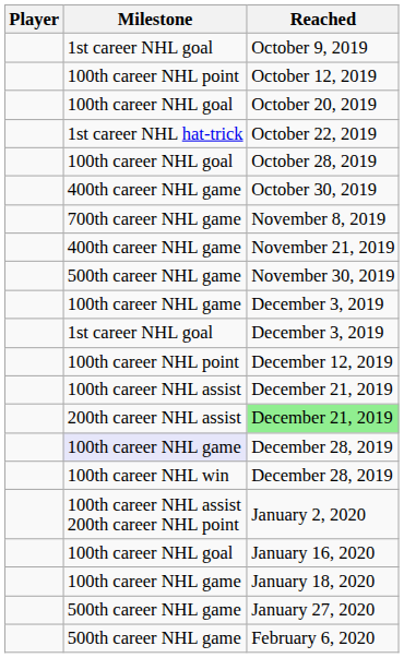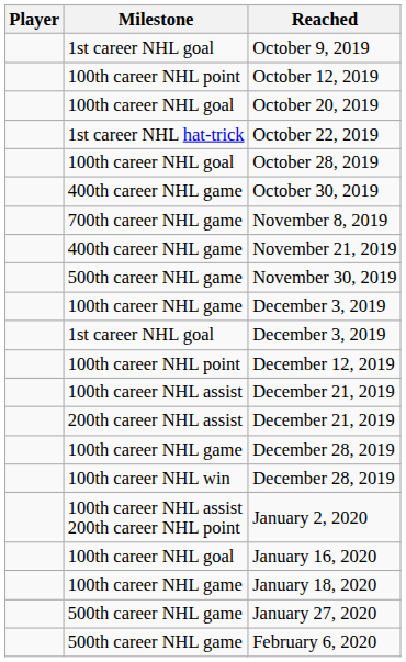 <table class="wikitable sortable">
 <tr>
 <th>Player</th>
 <th>Milestone</th>
 <th data-sort-type="date">Reached</th>
 </tr>
 <tr>
 <td></td>
 <td>1st career NHL goal</td>
 <td>October 9, 2019</td>
 </tr>
 <tr>
 <td></td>
 <td>100th career NHL point</td>
 <td>October 12, 2019</td>
 </tr>
 <tr>
 <td></td>
 <td>100th career NHL goal</td>
 <td>October 20, 2019</td>
 </tr>
 <tr>
 <td></td>
 <td>1st career NHL <a href='#'>hat-trick</a></td>
 <td>October 22, 2019</td>
 </tr>
 <tr>
 <td></td>
 <td>100th career NHL goal</td>
 <td>October 28, 2019</td>
 </tr>
 <tr>
 <td></td>
 <td>400th career NHL game</td>
 <td>October 30, 2019</td>
 </tr>
 <tr>
 <td></td>
 <td>700th career NHL game</td>
 <td>November 8, 2019</td>
 </tr>
 <tr>
 <td></td>
 <td>400th career NHL game</td>
 <td>November 21, 2019</td>
 </tr>
 <tr>
 <td></td>
 <td>500th career NHL game</td>
 <td>November 30, 2019</td>
 </tr>
 <tr>
 <td></td>
 <td>100th career NHL game</td>
 <td>December 3, 2019</td>
 </tr>
 <tr>
 <td></td>
 <td>1st career NHL goal</td>
 <td>December 3, 2019</td>
 </tr>
 <tr>
 <td></td>
 <td>100th career NHL point</td>
 <td>December 12, 2019</td>
 </tr>
 <tr>
 <td></td>
 <td>100th career NHL assist</td>
 <td>December 21, 2019</td>
 </tr>
 <tr>
 <td></td>
 <td>200th career NHL assist</td>
-<td style="background: lightgreen;">December 21, 2019</td>
+<td>December 21, 2019</td>
 </tr>
 <tr>
 <td></td>
-<td style="background: lavender;">100th career NHL game</td>
+<td>100th career NHL game</td>
 <td>December 28, 2019</td>
 </tr>
 <tr>
 <td></td>
 <td>100th career NHL win</td>
 <td>December 28, 2019</td>
 </tr>
 <tr>
 <td></td>
 <td>100th career NHL assist<br>200th career NHL point</td>
 <td>January 2, 2020</td>
 </tr>
 <tr>
 <td></td>
 <td>100th career NHL goal</td>
 <td>January 16, 2020</td>
 </tr>
 <tr>
 <td></td>
 <td>100th career NHL game</td>
 <td>January 18, 2020</td>
 </tr>
 <tr>
 <td></td>
 <td>500th career NHL game</td>
 <td>January 27, 2020</td>
 </tr>
 <tr>
 <td></td>
 <td>500th career NHL game</td>
 <td>February 6, 2020</td>
 </tr>
 </table>
